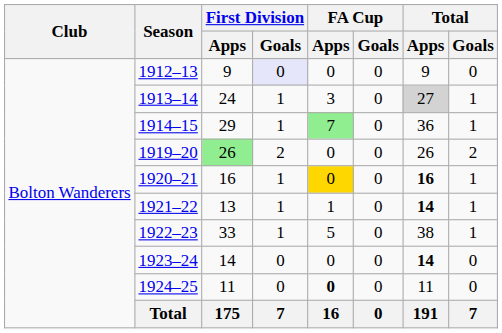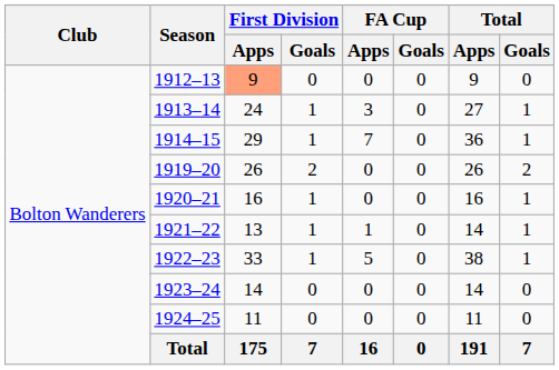 <table class="wikitable" style="text-align:center">
 <tr>
 <th rowspan="2">Club</th>
 <th rowspan="2">Season</th>
 <th colspan="2"><a href='#'>First Division</a></th>
 <th colspan="2">FA Cup</th>
 <th colspan="2">Total</th>
 </tr>
 <tr>
 <th>Apps</th>
 <th>Goals</th>
 <th>Apps</th>
 <th>Goals</th>
 <th>Apps</th>
 <th>Goals</th>
 </tr>
 <tr>
 <td rowspan="10"><a href='#'>Bolton Wanderers</a></td>
 <td><a href='#'>1912–13</a></td>
-<td>9</td>
-<td style="background: lavender;">0</td>
+<td style="background: lightsalmon;">9</td>
+<td>0</td>
 <td>0</td>
 <td>0</td>
 <td>9</td>
 <td>0</td>
 </tr>
 <tr>
 <td><a href='#'>1913–14</a></td>
 <td>24</td>
 <td>1</td>
 <td>3</td>
 <td>0</td>
-<td style="background: lightgrey;">27</td>
+<td>27</td>
 <td>1</td>
 </tr>
 <tr>
 <td><a href='#'>1914–15</a></td>
 <td>29</td>
 <td>1</td>
-<td style="background: lightgreen;">7</td>
+<td>7</td>
 <td>0</td>
 <td>36</td>
 <td>1</td>
 </tr>
 <tr>
 <td><a href='#'>1919–20</a></td>
-<td style="background: lightgreen;">26</td>
+<td>26</td>
 <td>2</td>
 <td>0</td>
 <td>0</td>
 <td>26</td>
 <td>2</td>
 </tr>
 <tr>
 <td><a href='#'>1920–21</a></td>
 <td>16</td>
 <td>1</td>
-<td style="background: gold;">0</td>
 <td>0</td>
-<td><strong>16</strong></td>
+<td>0</td>
+<td>16</td>
 <td>1</td>
 </tr>
 <tr>
 <td><a href='#'>1921–22</a></td>
 <td>13</td>
 <td>1</td>
 <td>1</td>
 <td>0</td>
-<td><strong>14</strong></td>
+<td>14</td>
 <td>1</td>
 </tr>
 <tr>
 <td><a href='#'>1922–23</a></td>
 <td>33</td>
 <td>1</td>
 <td>5</td>
 <td>0</td>
 <td>38</td>
 <td>1</td>
 </tr>
 <tr>
 <td><a href='#'>1923–24</a></td>
 <td>14</td>
 <td>0</td>
 <td>0</td>
 <td>0</td>
-<td><strong>14</strong></td>
+<td>14</td>
 <td>0</td>
 </tr>
 <tr>
 <td><a href='#'>1924–25</a></td>
 <td>11</td>
 <td>0</td>
-<td><strong>0</strong></td>
+<td>0</td>
 <td>0</td>
 <td>11</td>
 <td>0</td>
 </tr>
 <tr>
 <th>Total</th>
 <th>175</th>
 <th>7</th>
 <th>16</th>
 <th>0</th>
 <th>191</th>
 <th>7</th>
 </tr>
 </table>
